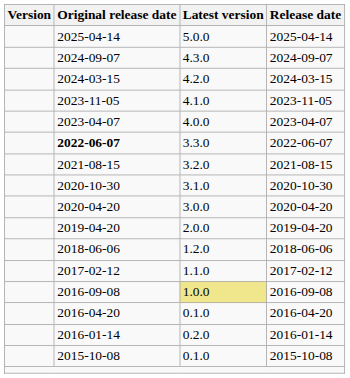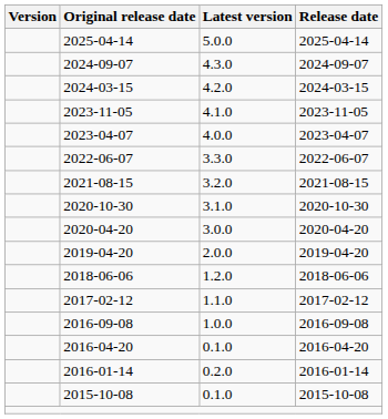 <table class="wikitable">
 <tr>
 <th>Version</th>
 <th>Original release date</th>
 <th>Latest version</th>
 <th>Release date</th>
 </tr>
 <tr>
 <td></td>
 <td>2025-04-14</td>
 <td>5.0.0</td>
 <td>2025-04-14</td>
 </tr>
 <tr>
 <td></td>
 <td>2024-09-07</td>
 <td>4.3.0</td>
 <td>2024-09-07</td>
 </tr>
 <tr>
 <td></td>
 <td>2024-03-15</td>
 <td>4.2.0</td>
 <td>2024-03-15</td>
 </tr>
 <tr>
 <td></td>
 <td>2023-11-05</td>
 <td>4.1.0</td>
 <td>2023-11-05</td>
 </tr>
 <tr>
 <td></td>
 <td>2023-04-07</td>
 <td>4.0.0</td>
 <td>2023-04-07</td>
 </tr>
 <tr>
 <td></td>
-<td><strong>2022-06-07</strong></td>
+<td>2022-06-07</td>
 <td>3.3.0</td>
 <td>2022-06-07</td>
 </tr>
 <tr>
 <td></td>
 <td>2021-08-15</td>
 <td>3.2.0</td>
 <td>2021-08-15</td>
 </tr>
 <tr>
 <td></td>
 <td>2020-10-30</td>
 <td>3.1.0</td>
 <td>2020-10-30</td>
 </tr>
 <tr>
 <td></td>
 <td>2020-04-20</td>
 <td>3.0.0</td>
 <td>2020-04-20</td>
 </tr>
 <tr>
 <td></td>
 <td>2019-04-20</td>
 <td>2.0.0</td>
 <td>2019-04-20</td>
 </tr>
 <tr>
 <td></td>
 <td>2018-06-06</td>
 <td>1.2.0</td>
 <td>2018-06-06</td>
 </tr>
 <tr>
 <td></td>
 <td>2017-02-12</td>
 <td>1.1.0</td>
 <td>2017-02-12</td>
 </tr>
 <tr>
 <td></td>
 <td>2016-09-08</td>
-<td style="background: khaki;">1.0.0</td>
+<td>1.0.0</td>
 <td>2016-09-08</td>
 </tr>
 <tr>
 <td></td>
 <td>2016-04-20</td>
 <td>0.1.0</td>
 <td>2016-04-20</td>
 </tr>
 <tr>
 <td></td>
 <td>2016-01-14</td>
 <td>0.2.0</td>
 <td>2016-01-14</td>
 </tr>
 <tr>
 <td></td>
 <td>2015-10-08</td>
 <td>0.1.0</td>
 <td>2015-10-08</td>
 </tr>
 <tr>
 <td colspan="4"><small></small></td>
 </tr>
 </table>
